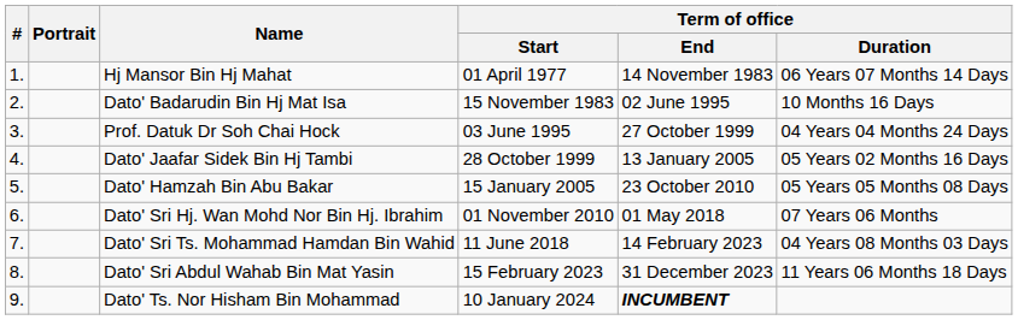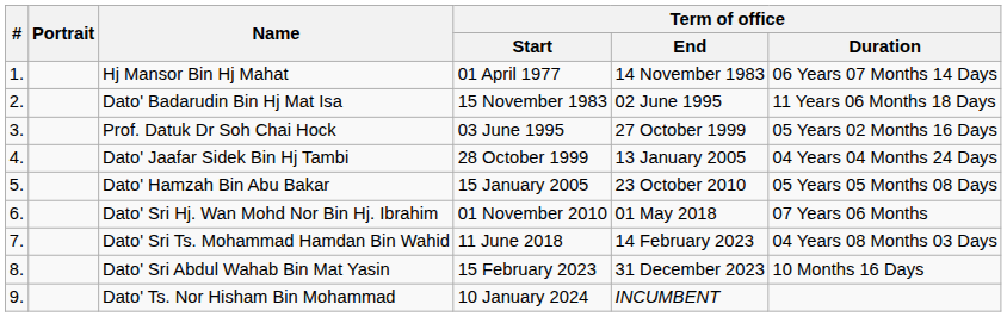 <table class="wikitable">
 <tr>
 <th rowspan="2">#</th>
 <th rowspan="2">Portrait</th>
 <th rowspan="2">Name</th>
 <th colspan="3">Term of office</th>
 </tr>
 <tr>
 <th>Start</th>
 <th>End</th>
 <th>Duration</th>
 </tr>
 <tr>
 <td>1.</td>
 <td></td>
 <td>Hj Mansor Bin Hj Mahat<br><em></em></td>
 <td>01 April 1977</td>
 <td>14 November 1983</td>
 <td>06 Years 07 Months 14 Days</td>
 </tr>
 <tr>
 <td>2.</td>
 <td></td>
 <td>Dato' Badarudin Bin Hj Mat Isa<br></td>
 <td>15 November 1983</td>
 <td>02 June 1995</td>
-<td>10 Months 16 Days</td>
+<td>11 Years 06 Months 18 Days</td>
 </tr>
 <tr>
 <td>3.</td>
 <td></td>
 <td>Prof. Datuk Dr Soh Chai Hock<br></td>
 <td>03 June 1995</td>
 <td>27 October 1999</td>
-<td>04 Years 04 Months 24 Days</td>
+<td>05 Years 02 Months 16 Days</td>
 </tr>
 <tr>
 <td>4.</td>
 <td></td>
 <td>Dato' Jaafar Sidek Bin Hj Tambi<br><em></em></td>
 <td>28 October 1999</td>
 <td>13 January 2005</td>
-<td>05 Years 02 Months 16 Days</td>
+<td>04 Years 04 Months 24 Days</td>
 </tr>
 <tr>
 <td>5.</td>
 <td></td>
 <td>Dato' Hamzah Bin Abu Bakar<br></td>
 <td>15 January 2005</td>
 <td>23 October 2010</td>
 <td>05 Years 05 Months 08 Days</td>
 </tr>
 <tr>
 <td>6.</td>
 <td></td>
 <td>Dato' Sri Hj. Wan Mohd Nor Bin Hj. Ibrahim<br></td>
 <td>01 November 2010</td>
 <td>01 May 2018</td>
 <td>07 Years 06 Months</td>
 </tr>
 <tr>
 <td>7.</td>
 <td></td>
 <td>Dato' Sri Ts. Mohammad Hamdan Bin Wahid<br></td>
 <td>11 June 2018</td>
 <td>14 February 2023</td>
 <td>04 Years 08 Months 03 Days</td>
 </tr>
 <tr>
 <td>8.</td>
 <td></td>
 <td>Dato' Sri  Abdul Wahab Bin Mat Yasin<br></td>
 <td>15 February 2023</td>
 <td>31 December 2023</td>
-<td>11 Years 06 Months 18 Days</td>
+<td>10 Months 16 Days</td>
 </tr>
 <tr>
 <td>9.</td>
 <td></td>
 <td>Dato' Ts. Nor Hisham Bin Mohammad<br></td>
 <td>10 January 2024</td>
-<td><strong><em>INCUMBENT</em></strong></td>
+<td><em>INCUMBENT</em></td>
 <td></td>
 </tr>
 </table>
